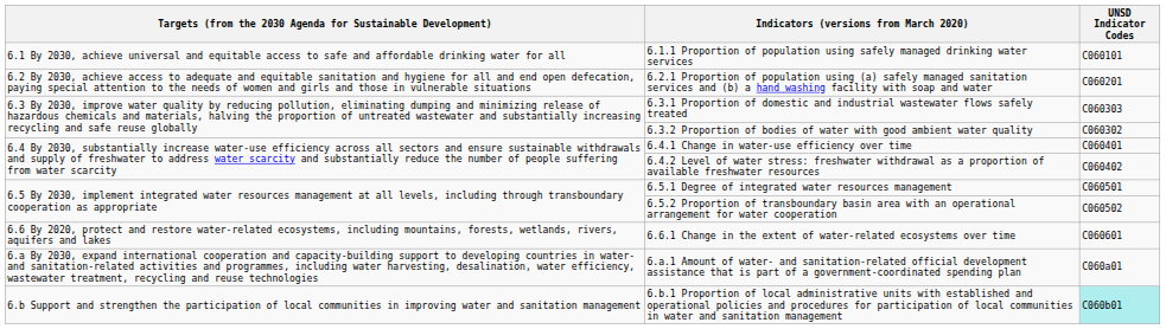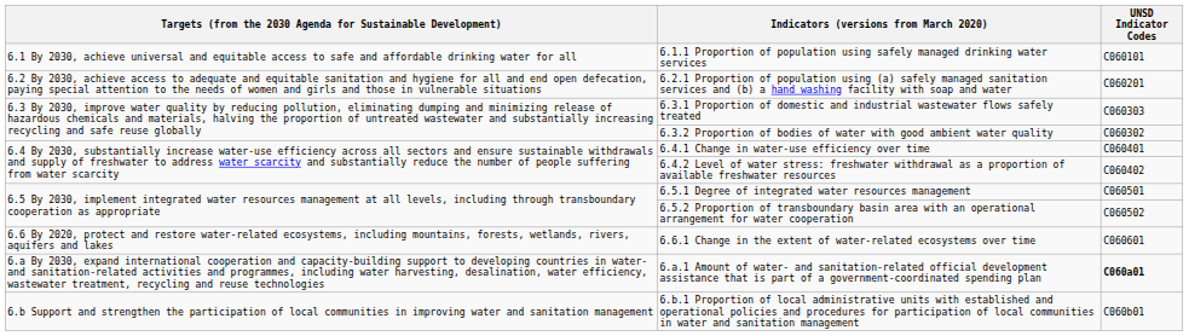 <table class="wikitable">
 <tr>
 <th>Targets (from the 2030 Agenda for Sustainable Development)</th>
 <th>Indicators (versions from March 2020)</th>
 <th>UNSD Indicator Codes </th>
 </tr>
 <tr>
 <td>6.1 By 2030, achieve universal and equitable access to safe and affordable drinking water for all</td>
 <td>6.1.1 Proportion of population using safely managed drinking water services</td>
 <td>C060101</td>
 </tr>
 <tr>
 <td>6.2 By 2030, achieve access to adequate and equitable sanitation and hygiene for all and end open defecation, paying special attention to the needs of women and girls and those in vulnerable situations</td>
 <td>6.2.1 Proportion of population using (a) safely managed sanitation services and (b) a <a href='#'>hand washing</a> facility with soap and water</td>
 <td>C060201</td>
 </tr>
 <tr>
 <td colspan="1" rowspan="2">6.3 By 2030, improve water quality by reducing pollution, eliminating dumping and minimizing release of hazardous chemicals and materials, halving the proportion of untreated wastewater and substantially increasing recycling and safe reuse globally</td>
 <td>6.3.1 Proportion of domestic and industrial wastewater flows safely treated</td>
 <td>C060303</td>
 </tr>
 <tr>
 <td>6.3.2 Proportion of bodies of water with good ambient water quality</td>
 <td>C060302</td>
 </tr>
 <tr>
 <td colspan="1" rowspan="2">6.4 By 2030, substantially increase water-use efficiency across all sectors and ensure sustainable withdrawals and supply of freshwater to address <a href='#'>water scarcity</a> and substantially reduce the number of people suffering from water scarcity</td>
 <td>6.4.1 Change in water-use efficiency over time</td>
 <td>C060401</td>
 </tr>
 <tr>
 <td>6.4.2 Level of water stress: freshwater withdrawal as a proportion of available freshwater resources</td>
 <td>C060402</td>
 </tr>
 <tr>
 <td colspan="1" rowspan="2">6.5 By 2030, implement integrated water resources management at all levels, including through transboundary cooperation as appropriate</td>
 <td>6.5.1 Degree of integrated water resources management</td>
 <td>C060501</td>
 </tr>
 <tr>
 <td>6.5.2 Proportion of transboundary basin area with an operational arrangement for water cooperation</td>
 <td>C060502</td>
 </tr>
 <tr>
 <td>6.6 By 2020, protect and restore water-related ecosystems, including mountains, forests, wetlands, rivers, aquifers and lakes</td>
 <td>6.6.1 Change in the extent of water-related ecosystems over time</td>
 <td>C060601</td>
 </tr>
 <tr>
 <td>6.a By 2030, expand international cooperation and capacity-building support to developing countries in water- and sanitation-related activities and programmes, including water harvesting, desalination, water efficiency, wastewater treatment, recycling and reuse technologies</td>
 <td>6.a.1 Amount of water- and sanitation-related official development assistance that is part of a government-coordinated spending plan</td>
-<td>C060a01</td>
+<td><strong>C060a01</strong></td>
 </tr>
 <tr>
 <td>6.b Support and strengthen the participation of local communities in improving water and sanitation management</td>
 <td>6.b.1 Proportion of local administrative units with established and operational policies and procedures for participation of local communities in water and sanitation management</td>
-<td style="background: paleturquoise;">C060b01</td>
+<td>C060b01</td>
 </tr>
 </table>
